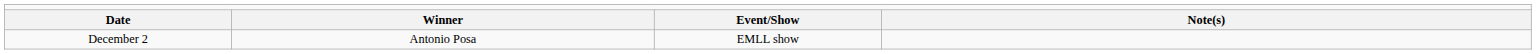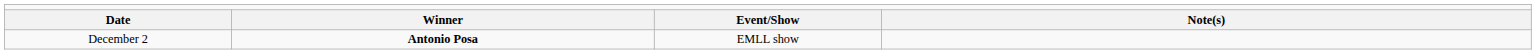 <table class="wikitable" style="text-align:center; width:100%;">
 <tr>
 <td colspan=5><strong></strong></td>
 </tr>
 <tr>
 <th width=14%>Date</th>
 <th width=26%>Winner</th>
 <th width=14%>Event/Show</th>
 <th width=40%>Note(s)</th>
 </tr>
 <tr>
 <td>December 2</td>
-<td>Antonio Posa</td>
+<td><strong>Antonio Posa</strong></td>
 <td>EMLL show</td>
 <td align=left></td>
 </tr>
 </table>
